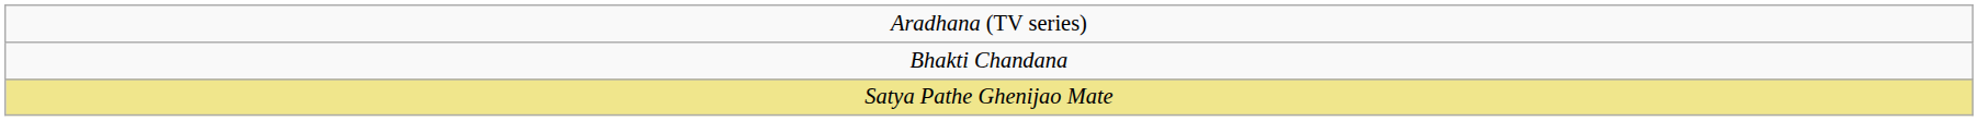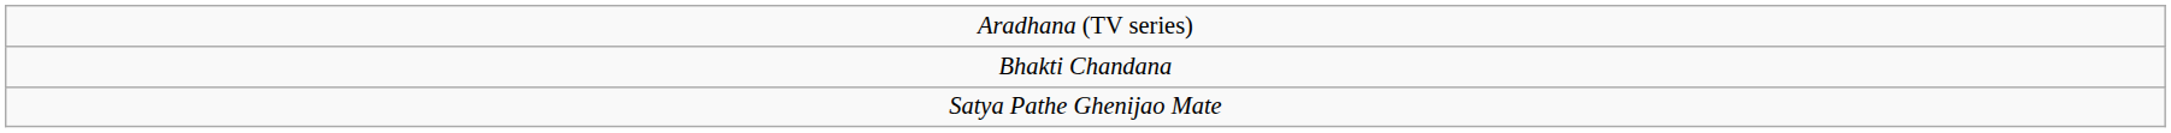 <table class="wikitable sortable" style="border-collapse:collapse; font-size: 90%; text-align:center" width="100%">
 <tr>
 <td><em>Aradhana</em> (TV series)</td>
 </tr>
 <tr>
 <td><em>Bhakti Chandana</em></td>
 </tr>
 <tr>
-<td style="background: khaki;"><em>Satya Pathe Ghenijao Mate</em></td>
+<td><em>Satya Pathe Ghenijao Mate</em></td>
 </tr>
 </table>
